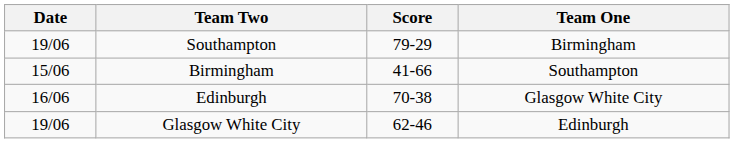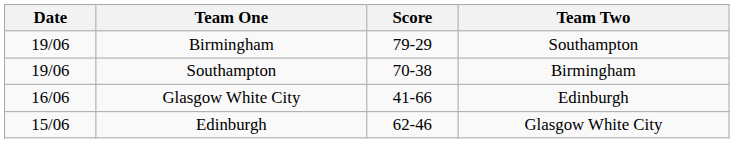 <table class="wikitable" style="text-align: center">
 <tr>
 <th width=80>Date</th>
+<th width=250>Team One</th>
+<th width=80>Score</th>
 <th width=250>Team Two</th>
-<th width=80>Score</th>
-<th width=250>Team One</th>
+</tr>
+<tr>
+<td>19/06</td>
+<td>Birmingham</td>
+<td>79-29</td>
+<td>Southampton</td>
 </tr>
 <tr>
 <td>19/06</td>
 <td>Southampton</td>
-<td>79-29</td>
+<td>70-38</td>
 <td>Birmingham</td>
 </tr>
 <tr>
-<td>15/06</td>
-<td>Birmingham</td>
+<td>16/06</td>
+<td>Glasgow White City</td>
 <td>41-66</td>
-<td>Southampton</td>
+<td>Edinburgh</td>
 </tr>
 <tr>
-<td>16/06</td>
+<td>15/06</td>
 <td>Edinburgh</td>
-<td>70-38</td>
+<td>62-46</td>
 <td>Glasgow White City</td>
 </tr>
-<tr>
-<td>19/06</td>
-<td>Glasgow White City</td>
-<td>62-46</td>
-<td>Edinburgh</td>
-</tr>
 </table>
